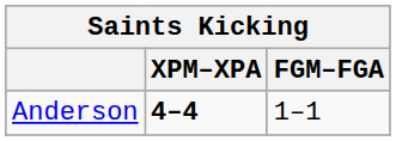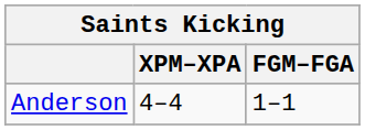 <table class="wikitable">
 <tr>
 <th colspan="3">Saints Kicking</th>
 </tr>
 <tr>
 <th></th>
 <th>XPM–XPA</th>
 <th>FGM–FGA</th>
 </tr>
 <tr>
 <td><a href='#'>Anderson</a></td>
-<td><strong>4–4</strong></td>
+<td>4–4</td>
 <td>1–1</td>
 </tr>
 </table>
